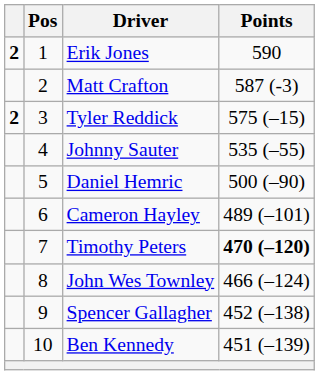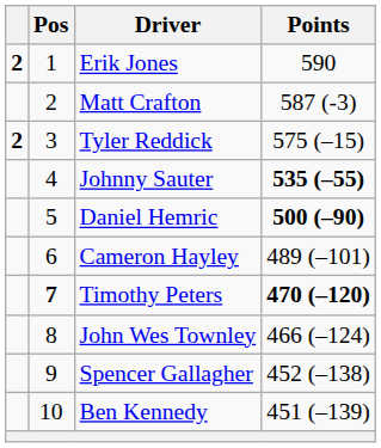 <table class="wikitable" style="font-size: 95%;">
 <tr>
 <th></th>
 <th>Pos</th>
 <th>Driver</th>
 <th>Points</th>
 </tr>
 <tr>
 <td align="left"> <strong>2</strong></td>
 <td style="text-align:center;">1</td>
 <td><a href='#'>Erik Jones</a></td>
 <td style="text-align:center;">590</td>
 </tr>
 <tr>
 <td align="left"></td>
 <td style="text-align:center;">2</td>
 <td><a href='#'>Matt Crafton</a></td>
 <td style="text-align:center;">587 (-3)</td>
 </tr>
 <tr>
 <td align="left"> <strong>2</strong></td>
 <td style="text-align:center;">3</td>
 <td><a href='#'>Tyler Reddick</a></td>
 <td style="text-align:center;">575 (–15)</td>
 </tr>
 <tr>
 <td align="left"></td>
 <td style="text-align:center;">4</td>
 <td><a href='#'>Johnny Sauter</a></td>
-<td style="text-align:center;">535 (–55)</td>
+<td style="text-align:center;"><strong>535 (–55)</strong></td>
 </tr>
 <tr>
 <td align="left"></td>
 <td style="text-align:center;">5</td>
 <td><a href='#'>Daniel Hemric</a></td>
-<td style="text-align:center;">500 (–90)</td>
+<td style="text-align:center;"><strong>500 (–90)</strong></td>
 </tr>
 <tr>
 <td align="left"></td>
 <td style="text-align:center;">6</td>
 <td><a href='#'>Cameron Hayley</a></td>
 <td style="text-align:center;">489 (–101)</td>
 </tr>
 <tr>
 <td align="left"></td>
-<td style="text-align:center;">7</td>
+<td style="text-align:center;"><strong>7</strong></td>
 <td><a href='#'>Timothy Peters</a></td>
 <td style="text-align:center;"><strong>470 (–120)</strong></td>
 </tr>
 <tr>
 <td align="left"></td>
 <td style="text-align:center;">8</td>
 <td><a href='#'>John Wes Townley</a></td>
 <td style="text-align:center;">466 (–124)</td>
 </tr>
 <tr>
 <td align="left"></td>
 <td style="text-align:center;">9</td>
 <td><a href='#'>Spencer Gallagher</a></td>
 <td style="text-align:center;">452 (–138)</td>
 </tr>
 <tr>
 <td align="left"></td>
 <td style="text-align:center;">10</td>
 <td><a href='#'>Ben Kennedy</a></td>
 <td style="text-align:center;">451 (–139)</td>
 </tr>
 <tr>
 <th colspan="9"></th>
 </tr>
 </table>
